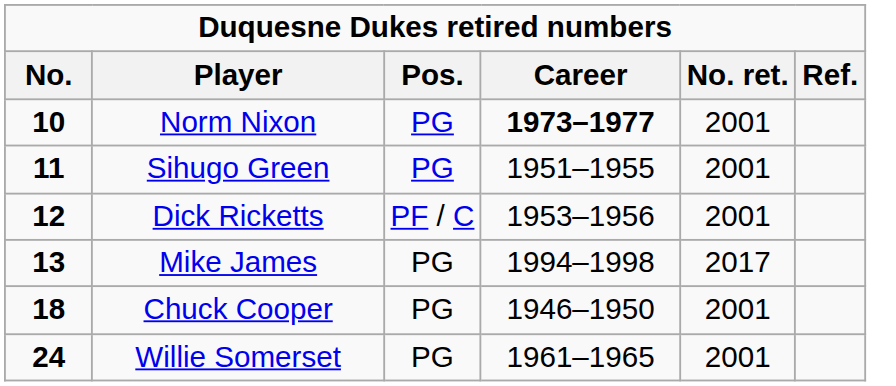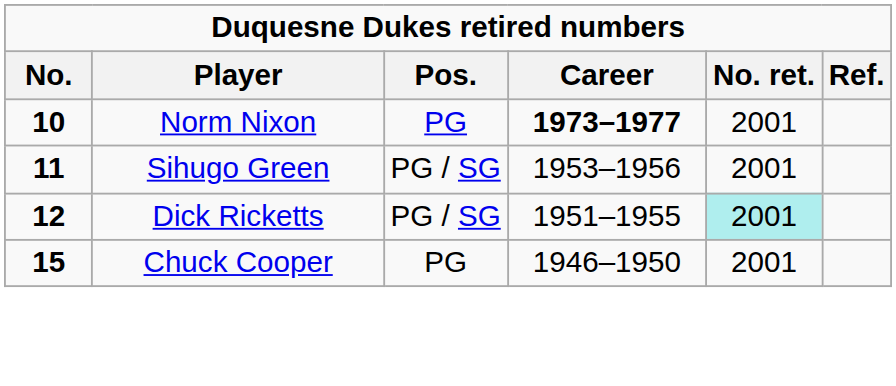 <table class="wikitable sortable" style="text-align:center">
 <tr>
 <td colspan=6><strong>Duquesne Dukes retired numbers</strong></td>
 </tr>
 <tr>
 <th width=40px>No.</th>
 <th width=150px>Player</th>
 <th width=px>Pos.</th>
 <th width=100px>Career</th>
 <th width=px>No. ret.</th>
 <th width=px>Ref.</th>
 </tr>
 <tr>
 <td><strong>10</strong></td>
 <td><a href='#'>Norm Nixon</a></td>
 <td><a href='#'>PG</a></td>
 <td><strong>1973–1977</strong></td>
 <td>2001</td>
 <td></td>
 </tr>
 <tr>
 <td><strong>11</strong></td>
 <td><a href='#'>Sihugo Green</a></td>
-<td><a href='#'>PG</a></td>
-<td>1951–1955</td>
+<td>PG / <a href='#'>SG</a></td>
+<td>1953–1956</td>
 <td>2001</td>
 <td></td>
 </tr>
 <tr>
 <td><strong>12</strong></td>
 <td><a href='#'>Dick Ricketts</a></td>
-<td><a href='#'>PF</a> / <a href='#'>C</a></td>
-<td>1953–1956</td>
-<td>2001</td>
+<td>PG / <a href='#'>SG</a></td>
+<td>1951–1955</td>
+<td style="background: paleturquoise;">2001</td>
 <td></td>
 </tr>
 <tr>
-<td><strong>13</strong></td>
-<td><a href='#'>Mike James</a></td>
-<td>PG</td>
-<td>1994–1998</td>
-<td>2017</td>
-<td></td>
-</tr>
-<tr>
-<td><strong>18</strong></td>
+<td><strong>15</strong></td>
 <td><a href='#'>Chuck Cooper</a></td>
 <td>PG</td>
 <td>1946–1950</td>
 <td>2001</td>
 <td></td>
 </tr>
-<tr>
-<td><strong>24</strong></td>
-<td><a href='#'>Willie Somerset</a></td>
-<td>PG</td>
-<td>1961–1965</td>
-<td>2001</td>
-<td></td>
-</tr>
 </table>
